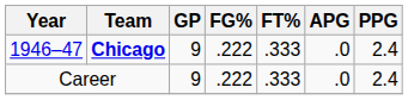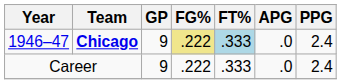 <table class="wikitable sortable" style="font-size:95%; text-align:right;">
 <tr>
 <th>Year</th>
 <th>Team</th>
 <th>GP</th>
 <th>FG%</th>
 <th>FT%</th>
 <th>APG</th>
 <th>PPG</th>
 </tr>
 <tr>
 <td style="text-align:left;"><a href='#'>1946–47</a></td>
 <td style="text-align:left;"><strong><a href='#'>Chicago</a></strong></td>
 <td>9</td>
-<td>.222</td>
-<td>.333</td>
+<td style="background: khaki;">.222</td>
+<td style="background: lightblue;">.333</td>
 <td>.0</td>
 <td>2.4</td>
 </tr>
 <tr>
 <td style="text-align:center;" colspan="2">Career</td>
 <td>9</td>
 <td>.222</td>
 <td>.333</td>
 <td>.0</td>
 <td>2.4</td>
 </tr>
 <tr>
 </tr>
 </table>
